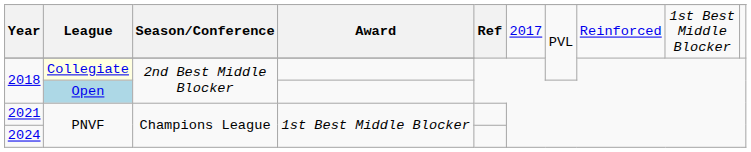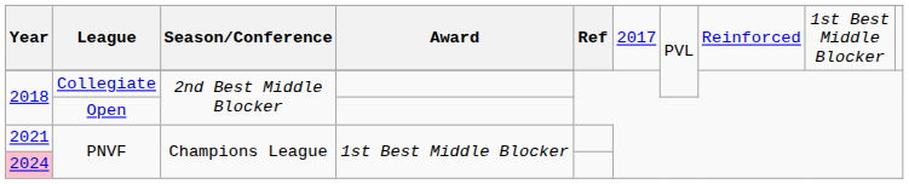 <table class="wikitable sortable" style="text-align:center" width="80%">
 <tr>
 <th style="width:5px;" rowspan="2">Year</th>
 <th style="width:25px;" rowspan="2">League</th>
 <th style="width:100px;" rowspan="2">Season/Conference</th>
 <th style="width:180px;" rowspan="2">Award</th>
 <th style="width:25px;" rowspan="2">Ref</th>
 </tr>
 <tr align=center>
 <td><a href='#'>2017</a></td>
 <td rowspan=3>PVL</td>
 <td><a href='#'>Reinforced</a></td>
 <td><em>1st Best Middle Blocker</em></td>
 <td></td>
 </tr>
 <tr>
 </tr>
 <tr align=center>
 <td rowspan=2><a href='#'>2018</a></td>
-<td style="background: lightyellow;"><a href='#'>Collegiate</a></td>
+<td><a href='#'>Collegiate</a></td>
 <td rowspan=2><em>2nd Best Middle Blocker</em></td>
 <td></td>
 </tr>
 <tr align=center>
-<td style="background: lightblue;"><a href='#'>Open</a></td>
+<td><a href='#'>Open</a></td>
 <td></td>
 </tr>
 <tr align=center>
 <td><a href='#'>2021</a></td>
 <td rowspan=2>PNVF</td>
 <td rowspan=2>Champions League</td>
 <td rowspan=2><em>1st Best Middle Blocker</em></td>
 <td></td>
 </tr>
 <tr align=center>
-<td><a href='#'>2024</a></td>
+<td style="background: pink;"><a href='#'>2024</a></td>
 <td></td>
 </tr>
 </table>
